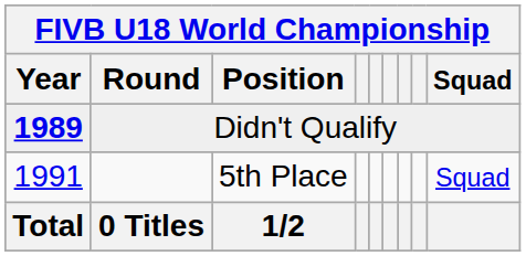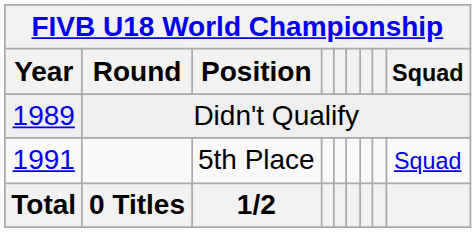 <table class="wikitable" style="text-align: center;">
 <tr>
 <th colspan=9><a href='#'>FIVB U18 World Championship</a></th>
 </tr>
 <tr>
 <th>Year</th>
 <th>Round</th>
 <th>Position</th>
 <th></th>
 <th></th>
 <th></th>
 <th></th>
 <th></th>
 <th><small>Squad</small></th>
 </tr>
 <tr bgcolor="efefef">
-<td><strong> <a href='#'>1989</a></strong></td>
+<td> <a href='#'>1989</a></td>
 <td colspan=9>Didn't Qualify</td>
 </tr>
 <tr>
 <td> <a href='#'>1991</a></td>
 <td></td>
 <td>5th Place</td>
 <td></td>
 <td></td>
 <td></td>
 <td></td>
 <td></td>
 <td><small><a href='#'>Squad</a></small></td>
 </tr>
 <tr>
 <th>Total</th>
 <th>0 Titles</th>
 <th>1/2</th>
 <th></th>
 <th></th>
 <th></th>
 <th></th>
 <th></th>
 <th></th>
 </tr>
 </table>
